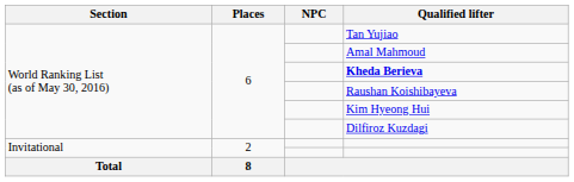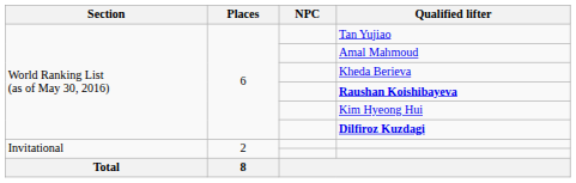 <table class="wikitable"  width=750>
 <tr>
 <th>Section</th>
 <th>Places</th>
 <th>NPC</th>
 <th>Qualified lifter</th>
 </tr>
 <tr>
 <td rowspan=6>World Ranking List<br>(as of May 30, 2016)</td>
 <td rowspan=6 align=center>6</td>
 <td></td>
 <td><a href='#'>Tan Yujiao</a></td>
 </tr>
 <tr>
 <td></td>
 <td><a href='#'>Amal Mahmoud</a></td>
 </tr>
 <tr>
 <td></td>
-<td><strong><a href='#'>Kheda Berieva</a></strong></td>
+<td><a href='#'>Kheda Berieva</a></td>
 </tr>
 <tr>
 <td></td>
-<td><a href='#'>Raushan Koishibayeva</a></td>
+<td><strong><a href='#'>Raushan Koishibayeva</a></strong></td>
 </tr>
 <tr>
 <td></td>
 <td><a href='#'>Kim Hyeong Hui</a></td>
 </tr>
 <tr>
 <td></td>
-<td><a href='#'>Dilfiroz Kuzdagi</a></td>
+<td><strong><a href='#'>Dilfiroz Kuzdagi</a></strong></td>
 </tr>
 <tr>
 <td rowspan=2>Invitational</td>
 <td rowspan="2" align=center>2</td>
 <td></td>
 <td></td>
 </tr>
 <tr>
 <td></td>
 <td></td>
 </tr>
 <tr>
 <th>Total</th>
 <th>8</th>
 <th colspan=2></th>
 </tr>
 </table>
